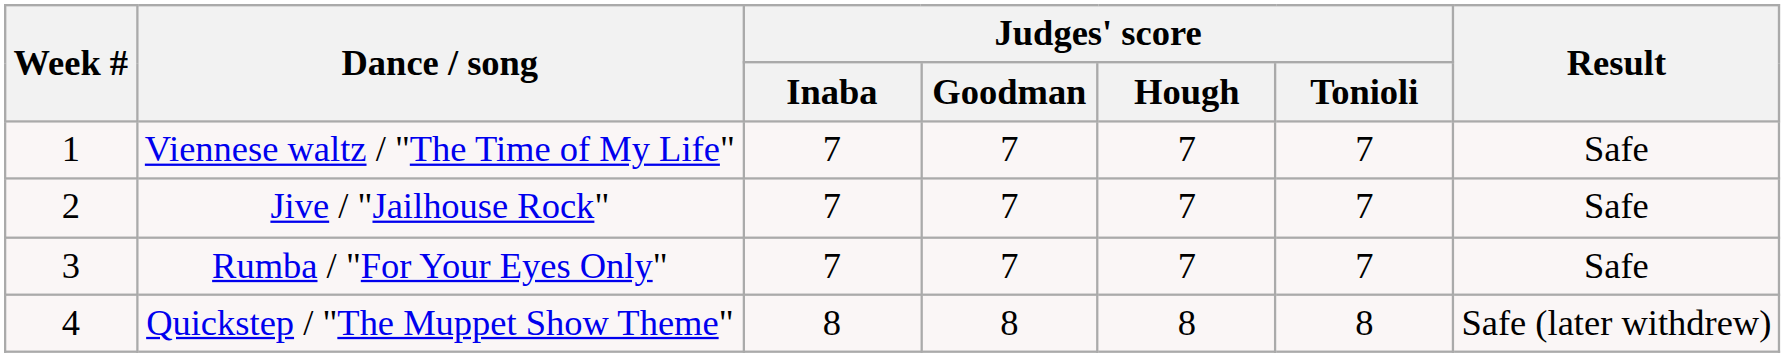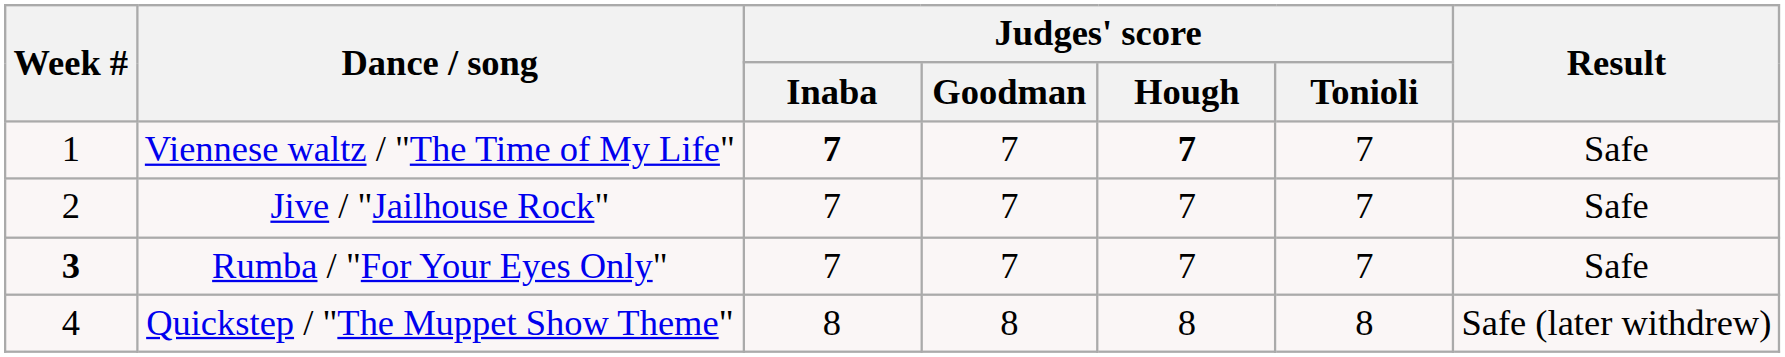 <table class="wikitable">
 <tr style="text-align: center; background:#ccc;">
 <th rowspan="2">Week #</th>
 <th rowspan="2">Dance / song</th>
 <th colspan="4">Judges' score</th>
 <th rowspan="2">Result</th>
 </tr>
 <tr style="text-align: center; background:#ccc;">
 <th style="width:10%;">Inaba</th>
 <th style="width:10%;">Goodman</th>
 <th style="width:10%;">Hough</th>
 <th style="width:10%;">Tonioli</th>
 </tr>
 <tr>
 <td style="text-align: center; background:#faf6f6;">1</td>
 <td style="text-align: center; background:#faf6f6;"><a href='#'>Viennese waltz</a> / "<a href='#'>The Time of My Life</a>"</td>
+<td style="text-align: center; background:#faf6f6;"><strong>7</strong></td>
 <td style="text-align: center; background:#faf6f6;">7</td>
-<td style="text-align: center; background:#faf6f6;">7</td>
-<td style="text-align: center; background:#faf6f6;">7</td>
+<td style="text-align: center; background:#faf6f6;"><strong>7</strong></td>
 <td style="text-align: center; background:#faf6f6;">7</td>
 <td style="text-align: center; background:#faf6f6;">Safe</td>
 </tr>
 <tr>
 <td style="text-align: center; background:#faf6f6;">2</td>
 <td style="text-align: center; background:#faf6f6;"><a href='#'>Jive</a> / "<a href='#'>Jailhouse Rock</a>"</td>
 <td style="text-align: center; background:#faf6f6;">7</td>
 <td style="text-align: center; background:#faf6f6;">7</td>
 <td style="text-align: center; background:#faf6f6;">7</td>
 <td style="text-align: center; background:#faf6f6;">7</td>
 <td style="text-align: center; background:#faf6f6;">Safe</td>
 </tr>
 <tr>
-<td style="text-align: center; background:#faf6f6;">3</td>
+<td style="text-align: center; background:#faf6f6;"><strong>3</strong></td>
 <td style="text-align: center; background:#faf6f6;"><a href='#'>Rumba</a> / "<a href='#'>For Your Eyes Only</a>"</td>
 <td style="text-align: center; background:#faf6f6;">7</td>
 <td style="text-align: center; background:#faf6f6;">7</td>
 <td style="text-align: center; background:#faf6f6;">7</td>
 <td style="text-align: center; background:#faf6f6;">7</td>
 <td style="text-align: center; background:#faf6f6;">Safe</td>
 </tr>
 <tr>
 <td style="text-align: center; background:#faf6f6;">4</td>
 <td style="text-align: center; background:#faf6f6;"><a href='#'>Quickstep</a> / "<a href='#'>The Muppet Show Theme</a>"</td>
 <td style="text-align: center; background:#faf6f6;">8</td>
 <td style="text-align: center; background:#faf6f6;">8</td>
 <td style="text-align: center; background:#faf6f6;">8</td>
 <td style="text-align: center; background:#faf6f6;">8</td>
 <td style="text-align: center; background:#faf6f6;">Safe (later withdrew)</td>
 </tr>
 </table>
